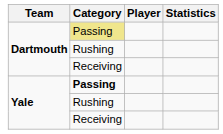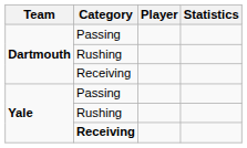 <table class="wikitable" style="float: right;">
 <tr>
 <th>Team</th>
 <th>Category</th>
 <th>Player</th>
 <th>Statistics</th>
 </tr>
 <tr>
 <td rowspan=3><strong>Dartmouth</strong></td>
-<td style="background: khaki;">Passing</td>
+<td>Passing</td>
 <td></td>
 <td></td>
 </tr>
 <tr>
 <td>Rushing</td>
 <td></td>
 <td></td>
 </tr>
 <tr>
 <td>Receiving</td>
 <td></td>
 <td></td>
 </tr>
 <tr>
 <td rowspan=3><strong>Yale</strong></td>
-<td><strong>Passing</strong></td>
+<td>Passing</td>
 <td></td>
 <td></td>
 </tr>
 <tr>
 <td>Rushing</td>
 <td></td>
 <td></td>
 </tr>
 <tr>
-<td>Receiving</td>
+<td><strong>Receiving</strong></td>
 <td></td>
 <td></td>
 </tr>
 </table>
